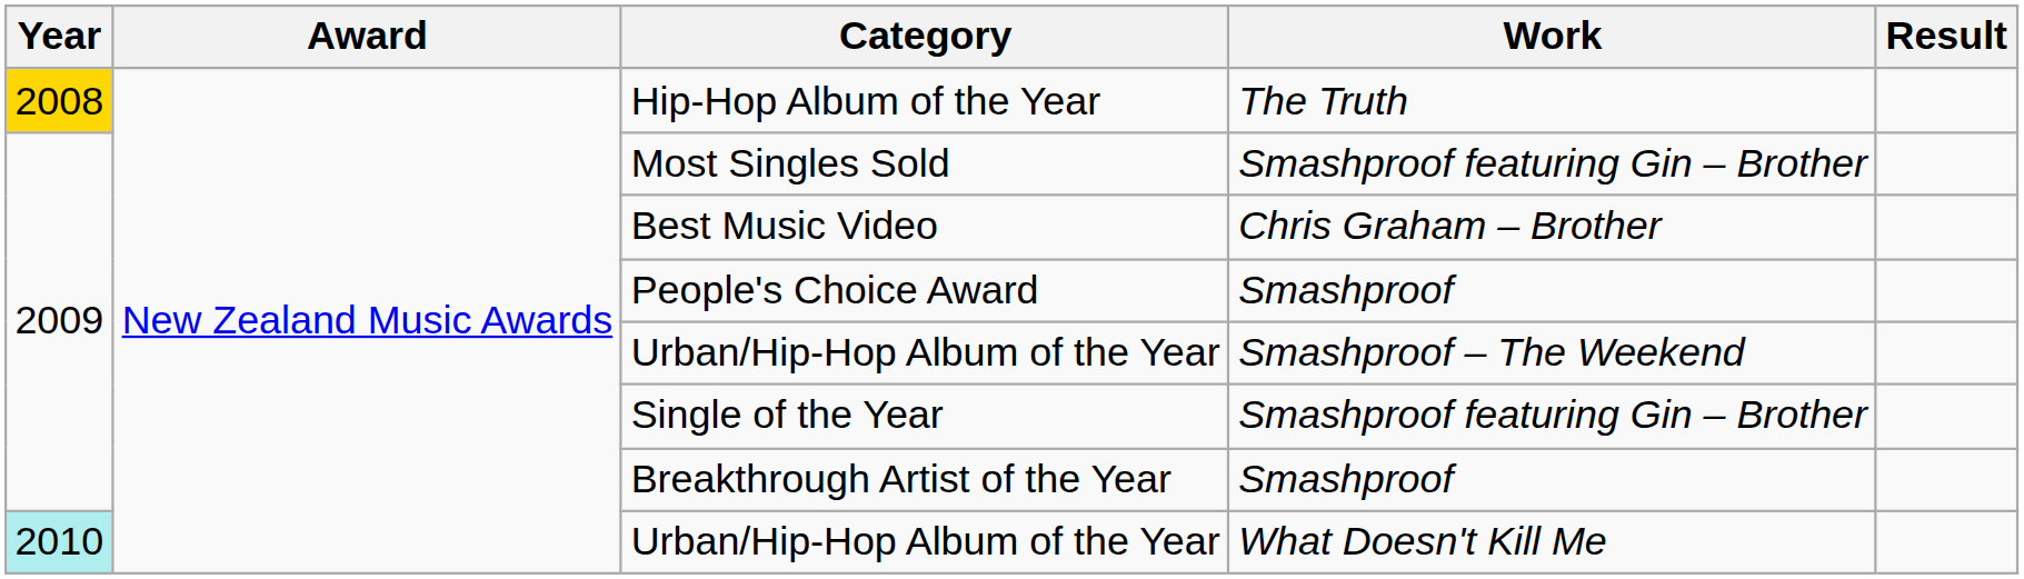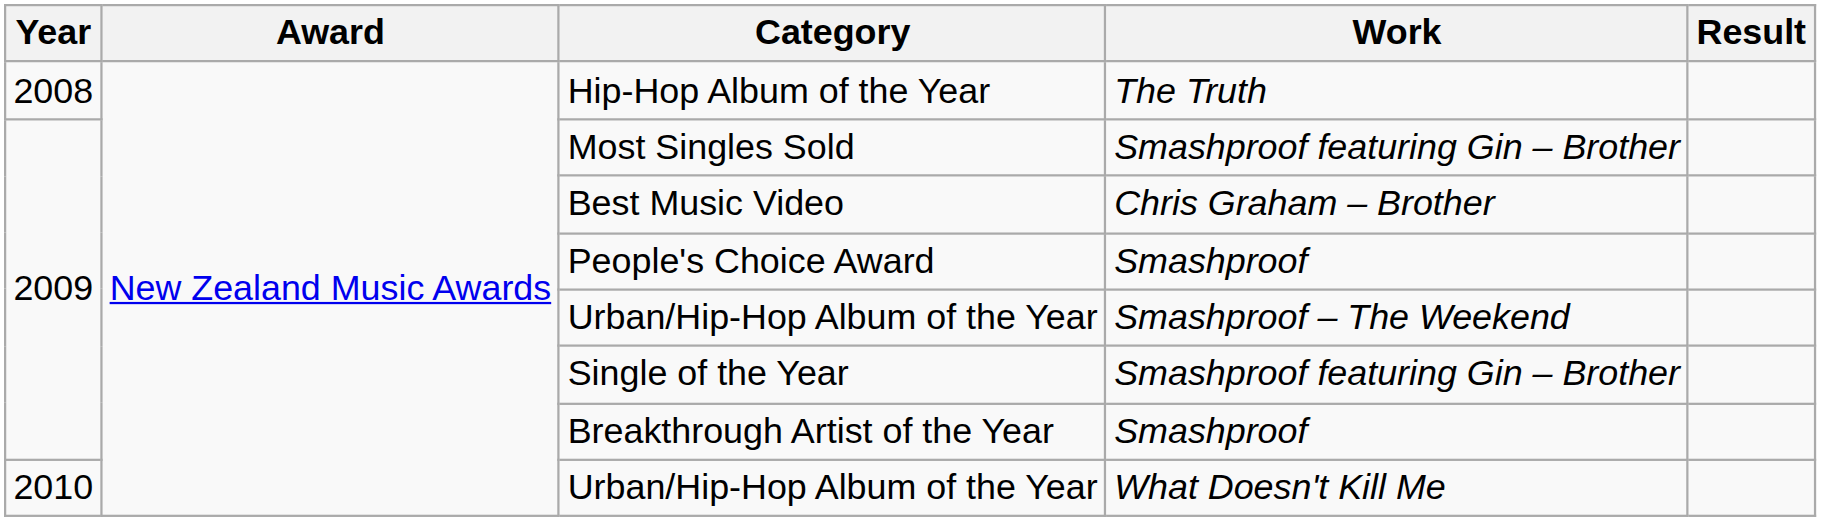 <table class="wikitable">
 <tr>
 <th>Year</th>
 <th>Award</th>
 <th>Category</th>
 <th>Work</th>
 <th>Result</th>
 </tr>
 <tr>
-<td style="background: gold;">2008</td>
+<td>2008</td>
 <td rowspan="8"><a href='#'>New Zealand Music Awards</a></td>
 <td>Hip-Hop Album of the Year</td>
 <td><em>The Truth</em></td>
 <td></td>
 </tr>
 <tr>
 <td rowspan="6">2009</td>
 <td>Most Singles Sold</td>
 <td><em>Smashproof featuring Gin – Brother</em></td>
 <td></td>
 </tr>
 <tr>
 <td>Best Music Video</td>
 <td><em>Chris Graham – Brother</em></td>
 <td></td>
 </tr>
 <tr>
 <td>People's Choice Award</td>
 <td><em>Smashproof</em></td>
 <td></td>
 </tr>
 <tr>
 <td>Urban/Hip-Hop Album of the Year</td>
 <td><em>Smashproof – The Weekend</em></td>
 <td></td>
 </tr>
 <tr>
 <td>Single of the Year</td>
 <td><em>Smashproof featuring Gin – Brother</em></td>
 <td></td>
 </tr>
 <tr>
 <td>Breakthrough Artist of the Year</td>
 <td><em>Smashproof</em></td>
 <td></td>
 </tr>
 <tr>
-<td style="background: paleturquoise;">2010</td>
+<td>2010</td>
 <td>Urban/Hip-Hop Album of the Year</td>
 <td><em>What Doesn't Kill Me</em></td>
 <td></td>
 </tr>
 </table>
